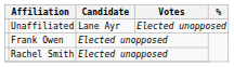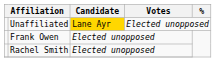 <table class="wikitable sortable">
 <tr>
 <th colspan=2>Affiliation</th>
 <th>Candidate</th>
 <th>Votes</th>
 <th>%</th>
 </tr>
 <tr>
 <td bgcolor=></td>
 <td>Unaffiliated</td>
-<td>Lane Ayr</td>
+<td style="background: gold;">Lane Ayr</td>
 <td colspan=2><em>Elected unopposed</em></td>
 </tr>
 <tr>
 <td></td>
 <td>Frank Owen</td>
 <td colspan=2><em>Elected unopposed</em></td>
 </tr>
 <tr>
 <td></td>
 <td>Rachel Smith</td>
 <td colspan=2><em>Elected unopposed</em></td>
 </tr>
 <tr>
 </tr>
 </table>
